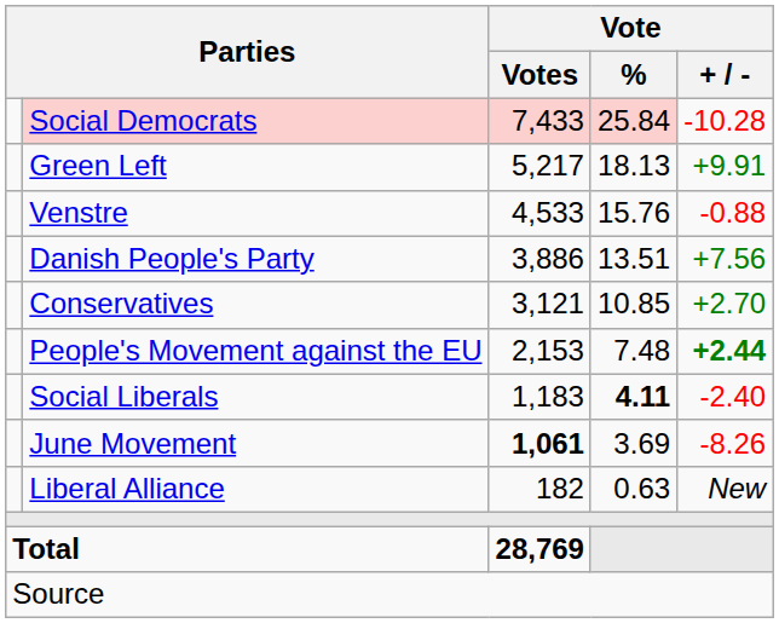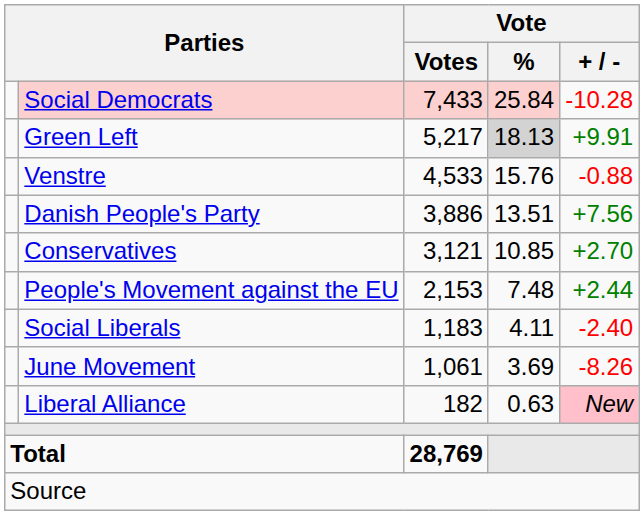 <table class="wikitable" style="text-align:right;">
 <tr>
 <th style="text-align:centre;" rowspan="2" colspan="2" width="225">Parties</th>
 <th colspan="3">Vote</th>
 </tr>
 <tr>
 <th width="15">Votes</th>
 <th width="15">%</th>
 <th width="15">+ / -</th>
 </tr>
 <tr>
 <td width="2" style="color:inherit;background:"></td>
 <td bgcolor=#fbd0ce   align="left"><a href='#'>Social Democrats</a></td>
 <td bgcolor=#fbd0ce>7,433</td>
 <td bgcolor=#fbd0ce>25.84</td>
 <td style=color:red;>-10.28</td>
 </tr>
 <tr>
 <td width="2" style="color:inherit;background:"></td>
 <td align="left"><a href='#'>Green Left</a></td>
 <td>5,217</td>
-<td>18.13</td>
+<td style="background: lightgrey;">18.13</td>
 <td style=color:green;>+9.91</td>
 </tr>
 <tr>
 <td width="2" style="color:inherit;background:"></td>
 <td align="left"><a href='#'>Venstre</a></td>
 <td>4,533</td>
 <td>15.76</td>
 <td style=color:red;>-0.88</td>
 </tr>
 <tr>
 <td width="2" style="color:inherit;background:"></td>
 <td align="left"><a href='#'>Danish People's Party</a></td>
 <td>3,886</td>
 <td>13.51</td>
 <td style=color:green;>+7.56</td>
 </tr>
 <tr>
 <td width="2" style="color:inherit;background:"></td>
 <td align="left"><a href='#'>Conservatives</a></td>
 <td>3,121</td>
 <td>10.85</td>
 <td style=color:green;>+2.70</td>
 </tr>
 <tr>
 <td width="2" style="color:inherit;background:"></td>
 <td align="left"><a href='#'>People's Movement against the EU</a></td>
 <td>2,153</td>
 <td>7.48</td>
-<td style=color:green;><strong>+2.44</strong></td>
+<td style=color:green;>+2.44</td>
 </tr>
 <tr>
 <td width="2" style="color:inherit;background:"></td>
 <td align="left"><a href='#'>Social Liberals</a></td>
 <td>1,183</td>
-<td><strong>4.11</strong></td>
+<td>4.11</td>
 <td style=color:red;>-2.40</td>
 </tr>
 <tr>
 <td width="2" style="color:inherit;background:"></td>
 <td align="left"><a href='#'>June Movement</a></td>
-<td><strong>1,061</strong></td>
+<td>1,061</td>
 <td>3.69</td>
 <td style=color:red;>-8.26</td>
 </tr>
 <tr>
 <td width="2" style="color:inherit;background:"></td>
 <td align="left"><a href='#'>Liberal Alliance</a></td>
 <td>182</td>
 <td>0.63</td>
-<td><em>New</em></td>
+<td style="background: pink;"><em>New</em></td>
 </tr>
 <tr>
 <td colspan="7" bgcolor="#E9E9E9"></td>
 </tr>
 <tr>
 <td align="left" colspan="2"><strong>Total</strong></td>
 <td><strong>28,769</strong></td>
 <td bgcolor="#E9E9E9" colspan="2"></td>
 </tr>
 <tr>
 <td align="left" colspan="6">Source</td>
 </tr>
 </table>
